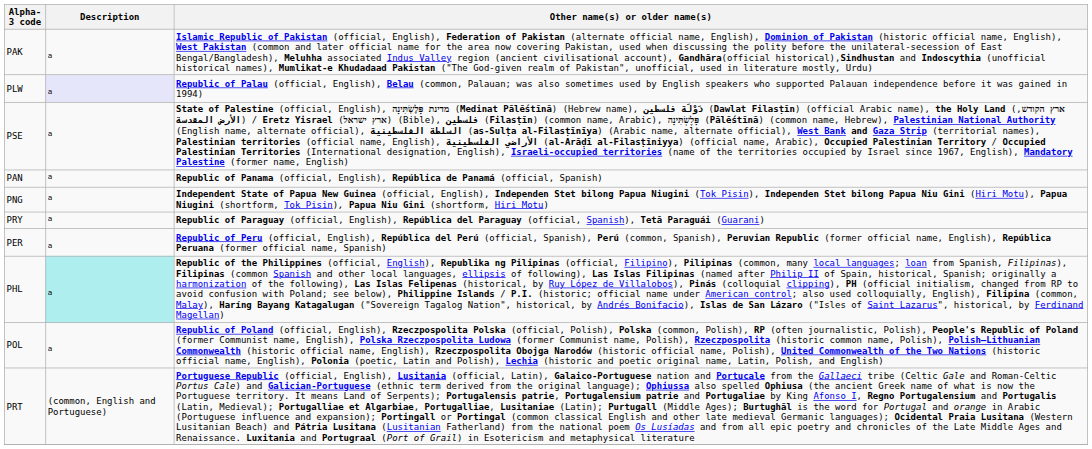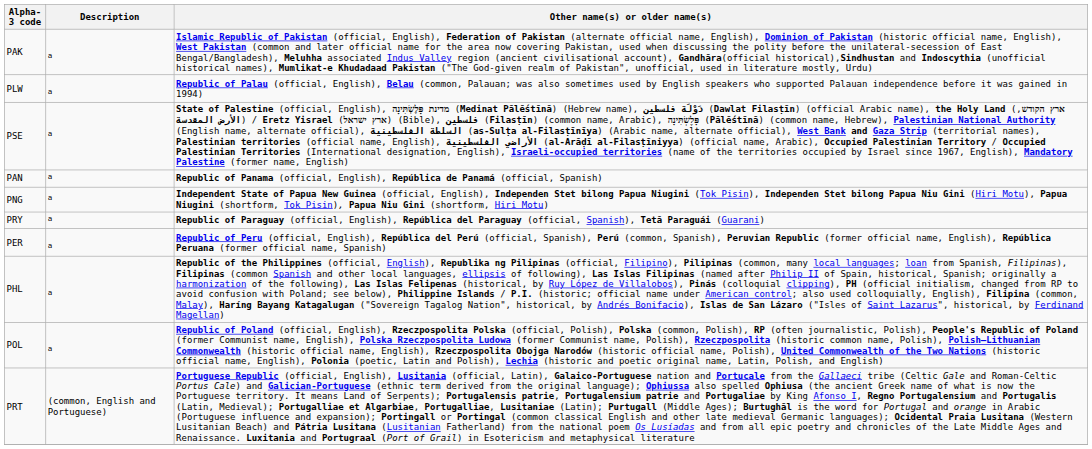 <table class="wikitable">
 <tr>
 <th>Alpha-3 code</th>
 <th width=180px>Description</th>
 <th>Other name(s) or older name(s)</th>
 </tr>
 <tr>
 <td>PAK</td>
 <td> <br> <sup>a</sup></td>
 <td><strong><a href='#'>Islamic Republic of Pakistan</a></strong> (official, English), <strong>Federation of Pakistan</strong> (alternate official name, English), <strong><a href='#'>Dominion of Pakistan</a></strong> (historic official name, English), <strong><a href='#'>West Pakistan</a></strong> (common and later official name for the area now covering Pakistan, used when discussing the polity before the unilateral-secession of East Bengal/Bangladesh), <strong>Meluhha</strong> associated <a href='#'>Indus Valley</a> region (ancient civilisational account), <strong>Gandhāra</strong>(official historical),<strong>Sindhustan</strong> and <strong>Indoscythia</strong> (unofficial historical names), <strong>Mumlikat-e Khudadaad</strong> <strong>Pakistan</strong> ("The God-given realm of Pakistan", unofficial, used in literature mostly, Urdu)</td>
 </tr>
 <tr>
 <td>PLW</td>
-<td style="background: lavender;"> <br> <sup>a</sup></td>
+<td> <br> <sup>a</sup></td>
 <td><strong><a href='#'>Republic of Palau</a></strong> (official, English), <strong><a href='#'>Belau</a></strong> (common, Palauan; was also sometimes used by English speakers who supported Palauan independence before it was gained in 1994)</td>
 </tr>
 <tr>
 <td>PSE</td>
 <td>  <sup>a</sup></td>
 <td><strong>State of Palestine</strong> (official, English), <strong>מדינת פָּלֶשְׂתִּינָה</strong> (<strong>Medinat Pālēśtīnā</strong>) (Hebrew name), <strong>دَوْلَة فلسطين</strong> (<strong>Dawlat Filasṭīn</strong>) (official Arabic name), <strong>the Holy Land</strong> (<strong>ארץ הקודש</strong>, <strong>الأرض المقدسة</strong>) / <strong>Eretz Yisrael</strong> (<strong>ארץ ישראל</strong>) (Bible),  <strong>فلسطين</strong> (<strong>Filasṭīn</strong>) (common name, Arabic), <strong>פָּלֶשְׂתִּינָה</strong> (<strong>Pālēśtīnā</strong>) (common name, Hebrew), <strong><a href='#'>Palestinian National Authority</a></strong> (English name, alternate official), <strong>السلطة الفلسطينية</strong> (<strong>as-Sulṭa al-Filasṭīnīya</strong>) (Arabic name, alternate official), <strong><a href='#'>West Bank</a> and <a href='#'>Gaza Strip</a></strong> (territorial names), <strong>Palestinian territories</strong> (official name, English), <strong>الأراضي الفلسطينية</strong> (<strong>al-Arāḍī al-Filasṭīniyya</strong>) (official name, Arabic), <strong>Occupied Palestinian Territory</strong> / <strong>Occupied Palestinian Territories</strong> (International designation, English), <strong><a href='#'>Israeli-occupied territories</a></strong> (name of the territories occupied by Israel since 1967, English), <strong><a href='#'>Mandatory Palestine</a></strong> (former name, English)</td>
 </tr>
 <tr>
 <td>PAN</td>
 <td>  <sup>a</sup></td>
 <td><strong>Republic of Panama</strong> (official, English), <strong>República de Panamá</strong> (official, Spanish)</td>
 </tr>
 <tr>
 <td>PNG</td>
 <td>  <sup>a</sup></td>
 <td><strong>Independent State of Papua New Guinea</strong> (official, English), <strong>Independen Stet bilong Papua Niugini</strong> (<a href='#'>Tok Pisin</a>), <strong>Independen Stet bilong Papua Niu Gini</strong> (<a href='#'>Hiri Motu</a>), <strong>Papua Niugini</strong> (shortform, <a href='#'>Tok Pisin</a>)<em>,</em> <strong>Papua Niu Gini</strong> (shortform, <a href='#'>Hiri Motu</a>)</td>
 </tr>
 <tr>
 <td>PRY</td>
 <td>  <sup>a</sup></td>
 <td><strong>Republic of Paraguay</strong> (official, English),  <strong>República del Paraguay</strong> (official, <a href='#'>Spanish</a>), <strong>Tetã Paraguái</strong> (<a href='#'>Guarani</a>)</td>
 </tr>
 <tr>
 <td>PER</td>
 <td> <br> <sup>a</sup></td>
 <td><strong><a href='#'>Republic of Peru</a></strong> (official, English), <strong>República del Perú</strong> (official, Spanish), <strong>Perú</strong> (common, Spanish), <strong>Peruvian Republic</strong> (former official name, English), <strong>República Peruana</strong> (former official name, Spanish)</td>
 </tr>
 <tr>
 <td>PHL</td>
-<td style="background: paleturquoise;"> <br> <sup>a</sup></td>
+<td> <br> <sup>a</sup></td>
 <td><strong>Republic of the Philippines</strong> (official, <a href='#'>English</a>), <strong>Republika ng Pilipinas</strong> (official, <a href='#'>Filipino</a>), <strong>Pilipinas</strong> (common, many <a href='#'>local languages</a>; <a href='#'>loan</a> from Spanish, <em>Filipinas</em>), <strong>Filipinas</strong> (common <a href='#'>Spanish</a> and other local languages, <a href='#'>ellipsis</a> of following),  <strong>Las Islas Filipinas</strong> (named after <a href='#'>Philip II</a> of Spain, historical, Spanish; originally a <a href='#'>harmonization</a> of the following), <strong>Las Islas Felipenas</strong> (historical, by <a href='#'>Ruy López de Villalobos</a>), <strong>Pinás</strong> (colloquial <a href='#'>clipping</a>), <strong>PH</strong> (official initialism, changed from RP to avoid confusion with Poland; see below), <strong>Philippine Islands</strong> / <strong>P.I.</strong> (historic; official name under <a href='#'>American control</a>; also used colloquially, English), <strong>Filipina</strong> (common, <a href='#'>Malay</a>), <strong>Haríng Bayang Katagalugan</strong> ("Sovereign Tagalog Nation", historical, by <a href='#'>Andrés Bonifacio</a>), <strong>Islas de San Lázaro</strong> ("Isles of <a href='#'>Saint Lazarus</a>", historical, by <a href='#'>Ferdinand Magellan</a>)</td>
 </tr>
 <tr>
 <td>POL</td>
 <td> <br> <sup>a</sup></td>
 <td><strong><a href='#'>Republic of Poland</a></strong> (official, English), <strong>Rzeczpospolita Polska</strong> (official, Polish), <strong>Polska</strong> (common, Polish), <strong>RP</strong> (often journalistic, Polish), <strong>People's Republic of Poland</strong> (former Communist name, English), <strong><a href='#'>Polska Rzeczpospolita Ludowa</a></strong> (former Communist name, Polish), <strong><a href='#'>Rzeczpospolita</a></strong> (historic common name, Polish), <strong><a href='#'>Polish–Lithuanian Commonwealth</a></strong> (historic official name, English), <strong>Rzeczpospolita Obojga Narodów</strong> (historic official name, Polish), <strong><a href='#'>United Commonwealth of the Two Nations</a></strong> (historic official name, English), <strong>Polonia</strong> (poetic, Latin and Polish), <strong><a href='#'>Lechia</a></strong> (historic and poetic original name, Latin, Polish, and English)</td>
 </tr>
 <tr>
 <td>PRT</td>
 <td> (common, English and Portuguese)</td>
 <td><strong><a href='#'>Portuguese Republic</a></strong> (official, English), <strong><a href='#'>Lusitania</a></strong> (official, Latin), <strong>Galaico-Portuguese</strong> nation and <strong><a href='#'>Portucale</a></strong> from the <em><a href='#'>Gallaeci</a></em> tribe (Celtic <em>Gale</em> and Roman-Celtic <em>Portus Cale</em>) and <strong><a href='#'>Galician-Portuguese</a></strong> (ethnic term derived from the original language); <strong><a href='#'>Ophiussa</a></strong> also spelled <strong>Ophiusa</strong> (the ancient Greek name of what is now the Portuguese territory. It means Land of Serpents); <strong>Portugalensis patrie</strong>, <strong>Portugalensium patrie</strong> and <strong>Portugaliae</strong> by King <a href='#'>Afonso I</a>, <strong>Regno Portugalensium</strong> and <strong>Portugalis</strong> (Latin, Medieval); <strong>Portugalliae et Algarbiae</strong>, <strong>Portugalliae</strong>, <strong>Lusitaniae</strong> (Latin);  <strong>Purtugall</strong> (Middle Ages); <strong>Burtughāl</strong> is the word for <em>Portugal</em> and <em>orange</em> in Arabic (Portuguese influence and expansion); <strong>Portingall</strong> or <strong>Portingal</strong> (common classical English and other late medieval Germanic languages);  <strong>Ocidental Praia Lusitana</strong> (Western Lusitanian Beach) and <strong>Pátria Lusitana</strong> (<a href='#'>Lusitanian</a> Fatherland) from the national poem <em><a href='#'>Os Lusíadas</a></em> and from all epic poetry and chronicles of the Late Middle Ages and Renaissance. <strong>Luxitania</strong> and <strong>Portugraal</strong> (<em>Port of Grail</em>) in Esotericism and metaphysical literature</td>
 </tr>
 <tr>
 </tr>
 </table>
